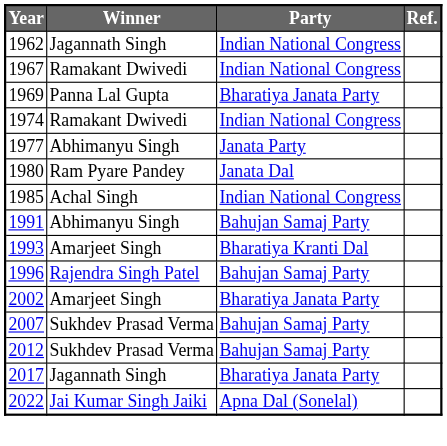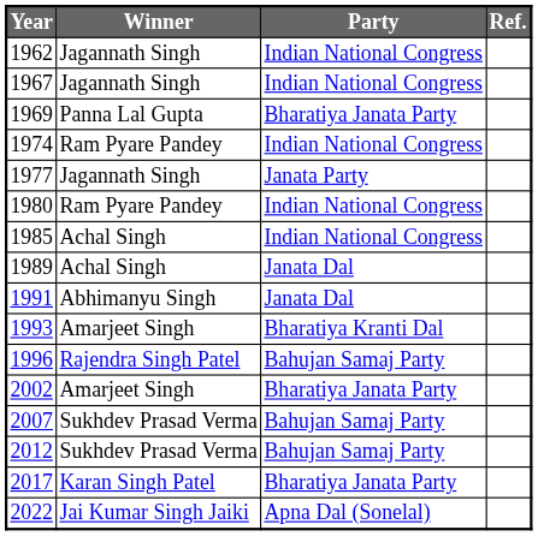 <table class="sortable" cellpadding="2" cellspacing="0" border="1" style="border-collapse: collapse; border: 2px #000000 solid;">
 <tr>
 <th style="background-color:#666666; color:white">Year</th>
 <th style="background-color:#666666; color:white">Winner</th>
 <th style="background-color:#666666; color:white">Party</th>
 <th style="background-color:#666666; color:white">Ref.</th>
 </tr>
 <tr>
 <td>1962</td>
 <td>Jagannath Singh</td>
 <td><a href='#'>Indian National Congress</a></td>
 <td></td>
 </tr>
 <tr>
 <td>1967</td>
-<td>Ramakant Dwivedi</td>
+<td>Jagannath Singh</td>
 <td><a href='#'>Indian National Congress</a></td>
 <td></td>
 </tr>
 <tr>
 <td>1969</td>
 <td>Panna Lal Gupta</td>
 <td><a href='#'>Bharatiya Janata Party</a></td>
 <td></td>
 </tr>
 <tr>
 <td>1974</td>
-<td>Ramakant Dwivedi</td>
+<td>Ram Pyare Pandey</td>
 <td><a href='#'>Indian National Congress</a></td>
 <td></td>
 </tr>
 <tr>
 <td>1977</td>
-<td>Abhimanyu Singh</td>
+<td>Jagannath Singh</td>
 <td><a href='#'>Janata Party</a></td>
 <td></td>
 </tr>
 <tr>
 <td>1980</td>
 <td>Ram Pyare Pandey</td>
-<td><a href='#'>Janata Dal</a></td>
+<td><a href='#'>Indian National Congress</a></td>
 <td></td>
 </tr>
 <tr>
 <td>1985</td>
 <td>Achal Singh</td>
 <td><a href='#'>Indian National Congress</a></td>
 <td></td>
 </tr>
 <tr>
+<td>1989</td>
+<td>Achal Singh</td>
+<td><a href='#'>Janata Dal</a></td>
+<td></td>
+</tr>
+<tr>
 <td><a href='#'>1991</a></td>
 <td>Abhimanyu Singh</td>
-<td><a href='#'>Bahujan Samaj Party</a></td>
+<td><a href='#'>Janata Dal</a></td>
 <td></td>
 </tr>
 <tr>
 <td><a href='#'>1993</a></td>
 <td>Amarjeet Singh</td>
 <td><a href='#'>Bharatiya Kranti Dal</a></td>
 <td></td>
 </tr>
 <tr>
 <td><a href='#'>1996</a></td>
 <td><a href='#'>Rajendra Singh Patel</a></td>
 <td><a href='#'>Bahujan Samaj Party</a></td>
 <td></td>
 </tr>
 <tr>
 <td><a href='#'>2002</a></td>
 <td>Amarjeet Singh</td>
 <td><a href='#'>Bharatiya Janata Party</a></td>
 <td></td>
 </tr>
 <tr>
 <td><a href='#'>2007</a></td>
 <td>Sukhdev Prasad Verma</td>
 <td><a href='#'>Bahujan Samaj Party</a></td>
 <td></td>
 </tr>
 <tr>
 <td><a href='#'>2012</a></td>
 <td>Sukhdev Prasad Verma</td>
 <td><a href='#'>Bahujan Samaj Party</a></td>
 <td></td>
 </tr>
 <tr>
 <td><a href='#'>2017</a></td>
-<td>Jagannath Singh</td>
+<td><a href='#'>Karan Singh Patel</a></td>
 <td><a href='#'>Bharatiya Janata Party</a></td>
 <td></td>
 </tr>
 <tr>
 <td><a href='#'>2022</a></td>
 <td><a href='#'>Jai Kumar Singh Jaiki</a></td>
 <td><a href='#'>Apna Dal (Sonelal)</a></td>
 <td></td>
 </tr>
 </table>
